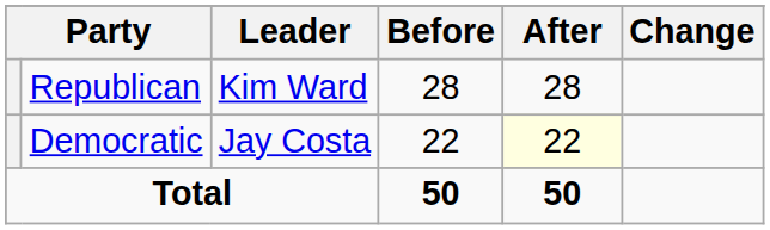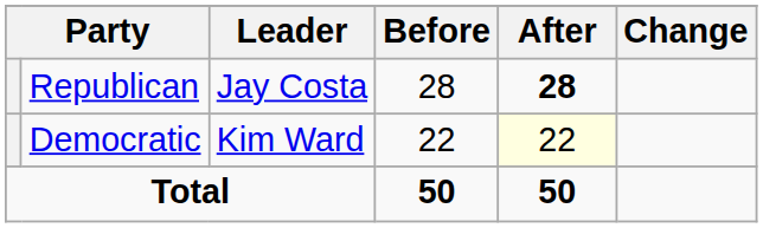 <table class="wikitable" style="text-align:center;">
 <tr>
 </tr>
 <tr>
 <th colspan="2">Party</th>
 <th>Leader</th>
 <th style="width:3em">Before</th>
 <th style="width:3em">After</th>
 <th style="width:3em">Change</th>
 </tr>
 <tr>
 <th style="background-color:"></th>
 <td style="text-align:left;"><a href='#'>Republican</a></td>
-<td style="text-align:left;"><a href='#'>Kim Ward</a></td>
+<td style="text-align:left;"><a href='#'>Jay Costa</a></td>
 <td>28</td>
-<td>28</td>
+<td><strong>28</strong></td>
 <td></td>
 </tr>
 <tr>
 <th style="background-color:"></th>
 <td style="text-align:left;"><a href='#'>Democratic</a></td>
-<td style="text-align:left;"><a href='#'>Jay Costa</a></td>
+<td style="text-align:left;"><a href='#'>Kim Ward</a></td>
 <td>22</td>
 <td style="background: lightyellow;">22</td>
 <td></td>
 </tr>
 <tr>
 <td colspan="3"><strong>Total</strong></td>
 <td><strong>50</strong></td>
 <td><strong>50</strong></td>
 <td></td>
 </tr>
 </table>
